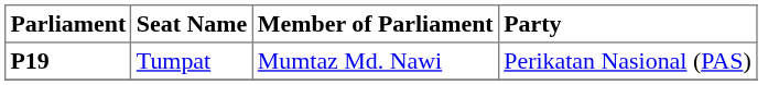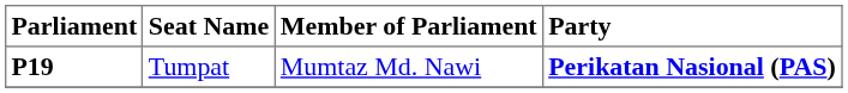 <table class="toccolours sortable" border="1" cellpadding="3" style="border-collapse:collapse; text-align: left;">
 <tr>
 <th align="center">Parliament</th>
 <th>Seat Name</th>
 <th>Member of Parliament</th>
 <th>Party</th>
 </tr>
 <tr>
 <th align="left">P19</th>
 <td><a href='#'>Tumpat</a></td>
 <td><a href='#'>Mumtaz Md. Nawi</a></td>
-<td><a href='#'>Perikatan Nasional</a> (<a href='#'>PAS</a>)</td>
+<td><strong><a href='#'>Perikatan Nasional</a> (<a href='#'>PAS</a>)</strong></td>
 </tr>
 <tr>
 </tr>
 </table>
